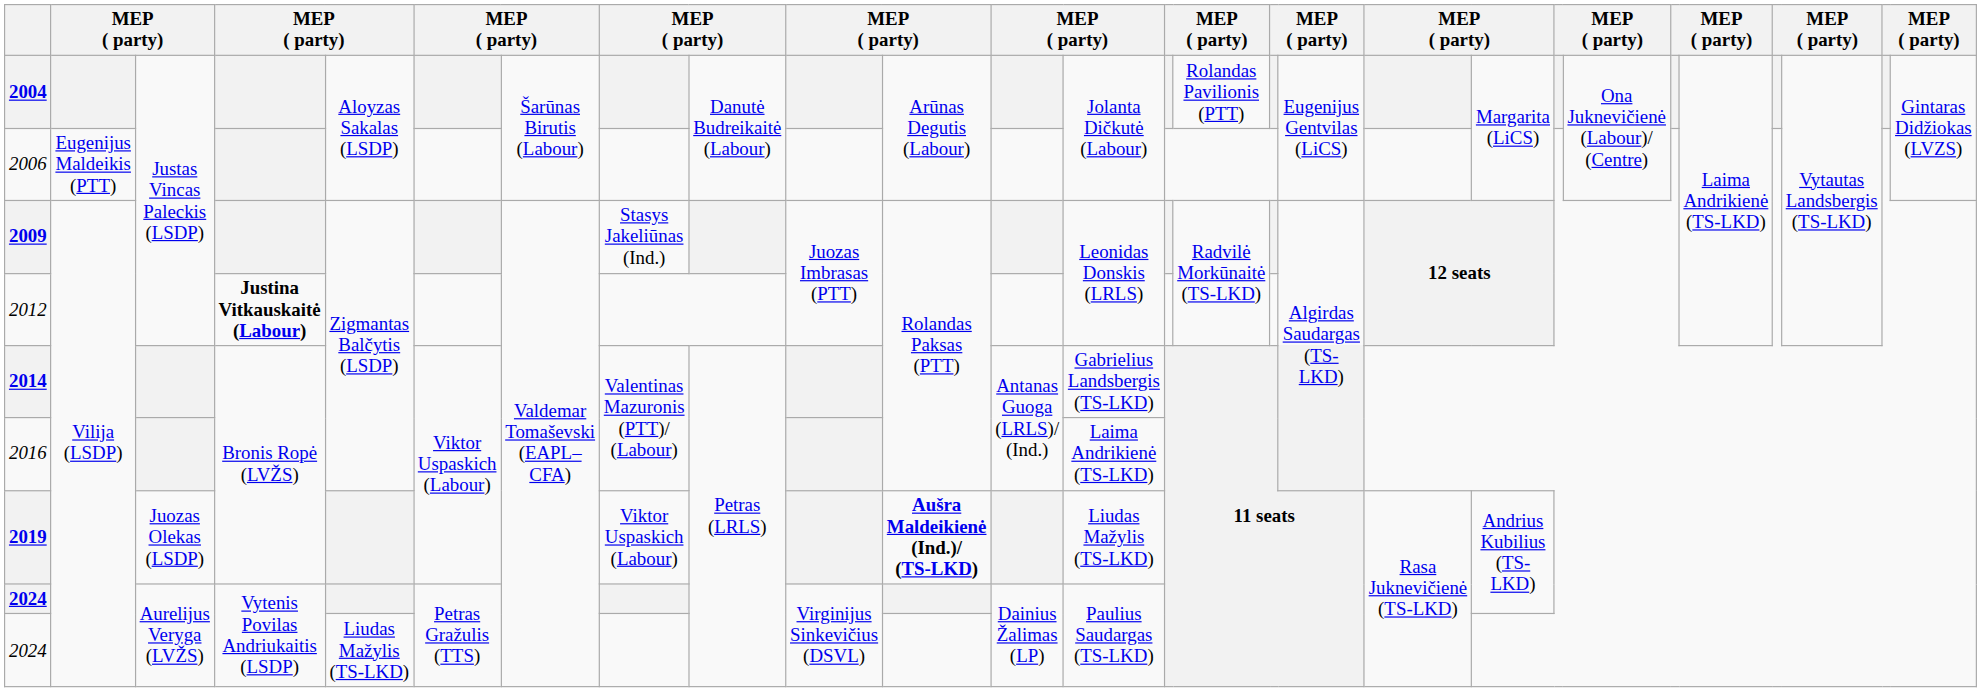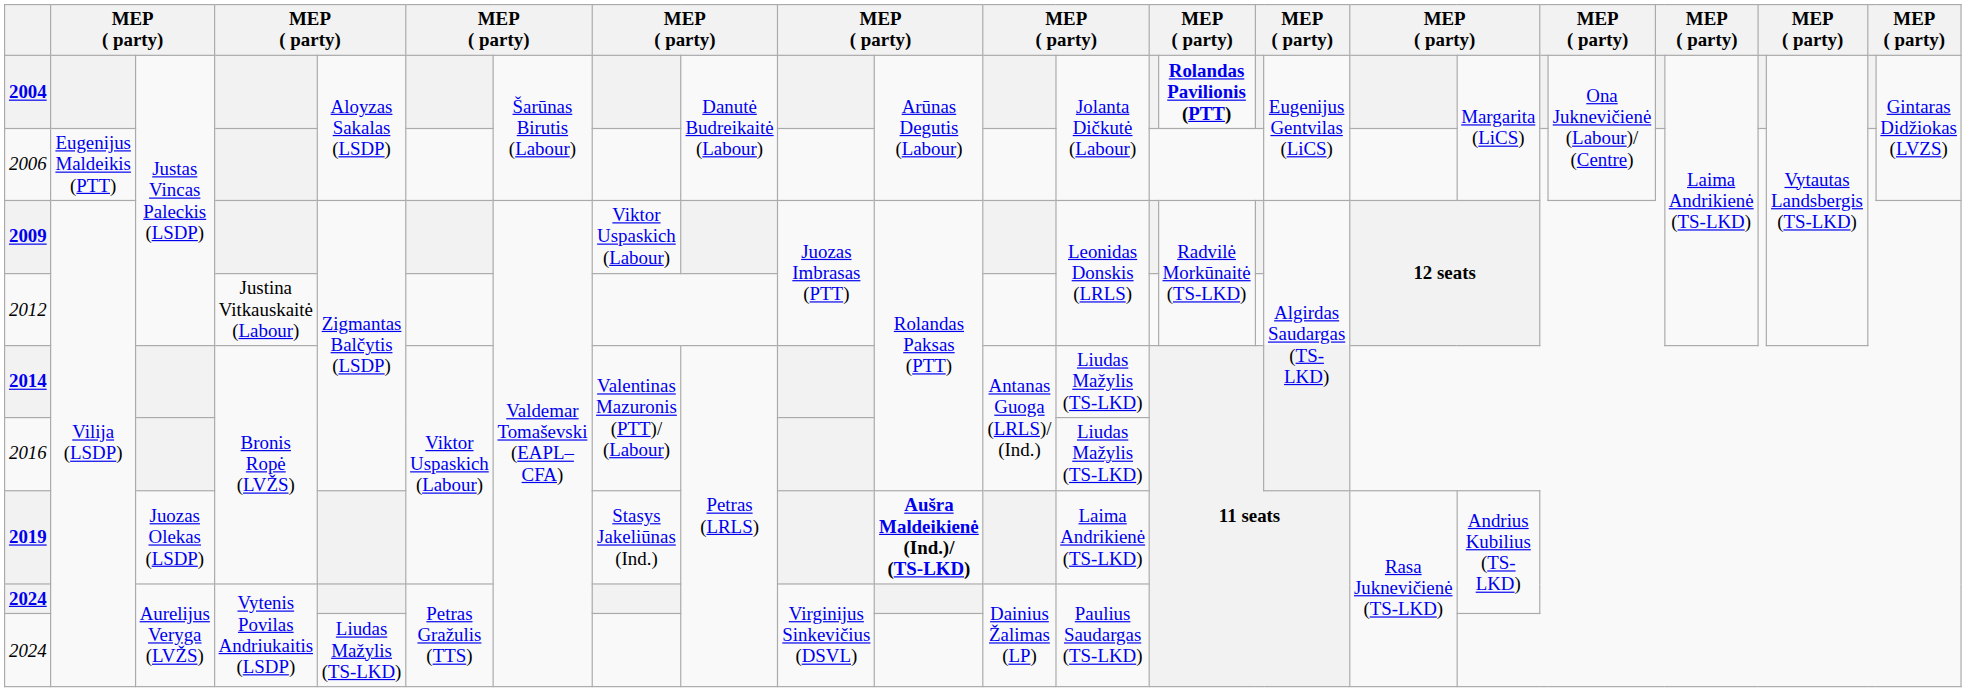 <table class="wikitable" style="text-align:center">
 <tr>
 <th></th>
 <th colspan=2>MEP<br>( party)</th>
 <th colspan=2>MEP<br>( party)</th>
 <th colspan=2>MEP<br>( party)</th>
 <th colspan=2>MEP<br>( party)</th>
 <th colspan=2>MEP<br>( party)</th>
 <th colspan=2>MEP<br>( party)</th>
 <th colspan="2">MEP<br>( party)</th>
 <th colspan="2">MEP<br>( party)</th>
 <th colspan="2">MEP<br>( party)</th>
 <th colspan="2">MEP<br>( party)</th>
 <th colspan=2>MEP<br>( party)</th>
 <th colspan=2>MEP<br>( party)</th>
 <th colspan=2>MEP<br>( party)</th>
 </tr>
 <tr>
 <th><a href='#'>2004</a></th>
 <th style="background-color: "></th>
 <td rowspan=4><a href='#'>Justas Vincas Paleckis</a><br>(<a href='#'>LSDP</a>)</td>
 <th style="background-color: "></th>
 <td rowspan="2"><a href='#'>Aloyzas Sakalas</a><br>(<a href='#'>LSDP</a>)</td>
 <th style="background-color: "></th>
 <td rowspan="2"><a href='#'>Šarūnas Birutis</a><br>(<a href='#'>Labour</a>)</td>
 <th style="background-color: "></th>
 <td rowspan="2"><a href='#'>Danutė Budreikaitė</a><br>(<a href='#'>Labour</a>)</td>
 <th style="background-color: "></th>
 <td rowspan="2"><a href='#'>Arūnas Degutis</a><br>(<a href='#'>Labour</a>)</td>
 <th style="background-color: "></th>
 <td rowspan="2"><a href='#'>Jolanta Dičkutė</a><br>(<a href='#'>Labour</a>)</td>
 <th style="background-color: "></th>
-<td rowspan="1"><a href='#'>Rolandas Pavilionis</a><br>(<a href='#'>PTT</a>)</td>
+<td rowspan="1"><strong><a href='#'>Rolandas Pavilionis</a><br>(<a href='#'>PTT</a>)</strong></td>
 <th style="background-color: "></th>
 <td rowspan="2"><a href='#'>Eugenijus Gentvilas</a><br>(<a href='#'>LiCS</a>)</td>
 <th style="background-color: "></th>
 <td rowspan="2"><a href='#'>Margarita </a><br>(<a href='#'>LiCS</a>)</td>
 <th style="background-color: "></th>
 <td rowspan="2"><a href='#'>Ona Juknevičienė</a><br>(<a href='#'>Labour</a>)/<br>(<a href='#'>Centre</a>)</td>
 <th style="background-color: "></th>
 <td rowspan=4><a href='#'>Laima Andrikienė</a><br>(<a href='#'>TS-LKD</a>)</td>
 <th style="background-color: "></th>
 <td rowspan=4><a href='#'>Vytautas Landsbergis</a><br>(<a href='#'>TS-LKD</a>)</td>
 <th style="background-color: "></th>
 <td rowspan=2><a href='#'>Gintaras Didžiokas</a><br>(<a href='#'>LVZS</a>)</td>
 </tr>
 <tr>
 <td><em>2006</em></td>
 <td><a href='#'>Eugenijus Maldeikis</a><br>(<a href='#'>PTT</a>)</td>
 <th style="background-color: "></th>
 </tr>
 <tr>
 <th><a href='#'>2009</a></th>
 <td rowspan="7"><a href='#'>Vilija </a><br>(<a href='#'>LSDP</a>)</td>
 <th style="background-color: "></th>
 <td rowspan="4"><a href='#'>Zigmantas Balčytis</a><br>(<a href='#'>LSDP</a>)</td>
 <th style="background-color: "></th>
 <td rowspan="7"><a href='#'>Valdemar Tomaševski</a><br>(<a href='#'>EAPL–CFA</a>)</td>
-<td><a href='#'>Stasys Jakeliūnas</a><br>(Ind.)</td>
+<td rowspan="1"><a href='#'>Viktor Uspaskich</a><br>(<a href='#'>Labour</a>)</td>
 <th style="background-color: "></th>
 <td rowspan="2"><a href='#'>Juozas Imbrasas</a><br>(<a href='#'>PTT</a>)</td>
 <td rowspan="4"><a href='#'>Rolandas Paksas</a><br>(<a href='#'>PTT</a>)</td>
 <th style="background-color: "></th>
 <td rowspan="2"><a href='#'>Leonidas Donskis</a><br>(<a href='#'>LRLS</a>)</td>
 <th style="background-color: "></th>
 <td rowspan="2"><a href='#'>Radvilė Morkūnaitė</a><br>(<a href='#'>TS-LKD</a>)</td>
 <th style="background-color: "></th>
 <td rowspan=4><a href='#'>Algirdas Saudargas</a><br>(<a href='#'>TS-LKD</a>)</td>
 <th rowspan=2; colspan=2>12 seats</th>
 </tr>
 <tr>
 <td><em>2012</em></td>
-<td><strong>Justina Vitkauskaitė<br>(<a href='#'>Labour</a>)</strong></td>
+<td>Justina Vitkauskaitė<br>(<a href='#'>Labour</a>)</td>
 </tr>
 <tr>
 <th><a href='#'>2014</a></th>
 <th style="background-color: "></th>
 <td rowspan=3><a href='#'>Bronis Ropė</a><br>(<a href='#'>LVŽS</a>)</td>
 <td rowspan="3"><a href='#'>Viktor Uspaskich</a><br>(<a href='#'>Labour</a>)</td>
 <td rowspan="2"><a href='#'>Valentinas Mazuronis</a><br>(<a href='#'>PTT</a>)/<br>(<a href='#'>Labour</a>)</td>
 <td rowspan="5"><a href='#'>Petras </a><br>(<a href='#'>LRLS</a>)</td>
 <th style="background-color: "></th>
 <td rowspan="2"><a href='#'>Antanas Guoga</a><br>(<a href='#'>LRLS</a>)/<br>(Ind.)</td>
-<td rowspan="1"><a href='#'>Gabrielius Landsbergis</a> <br>(<a href='#'>TS-LKD</a>)</td>
+<td><a href='#'>Liudas Mažylis</a><br>(<a href='#'>TS-LKD</a>)</td>
 <th rowspan=5; colspan=4>11 seats</th>
 </tr>
 <tr>
 <td><em>2016</em></td>
 <th style="background-color: "></th>
 <th style="background-color: "></th>
-<td><a href='#'>Laima Andrikienė</a><br>(<a href='#'>TS-LKD</a>)</td>
+<td><a href='#'>Liudas Mažylis</a><br>(<a href='#'>TS-LKD</a>)</td>
 </tr>
 <tr>
 <th><a href='#'>2019</a></th>
 <td><a href='#'>Juozas Olekas</a><br>(<a href='#'>LSDP</a>)</td>
 <th style="background-color: "></th>
-<td rowspan="1"><a href='#'>Viktor Uspaskich</a><br>(<a href='#'>Labour</a>)</td>
+<td><a href='#'>Stasys Jakeliūnas</a><br>(Ind.)</td>
 <th style="background-color: "></th>
 <td><strong><a href='#'>Aušra Maldeikienė</a><br>(Ind.)/<br>(<a href='#'>TS-LKD</a>)</strong></td>
 <th style="background-color: "></th>
-<td><a href='#'>Liudas Mažylis</a><br>(<a href='#'>TS-LKD</a>)</td>
+<td><a href='#'>Laima Andrikienė</a><br>(<a href='#'>TS-LKD</a>)</td>
 <td rowspan="3"><a href='#'>Rasa Juknevičienė</a><br>(<a href='#'>TS-LKD</a>)</td>
 <td rowspan="2"><a href='#'>Andrius Kubilius</a><br>(<a href='#'>TS-LKD</a>)</td>
 </tr>
 <tr>
 <th><a href='#'>2024</a></th>
 <td rowspan="2"><a href='#'>Aurelijus Veryga</a><br>(<a href='#'>LVŽS</a>)</td>
 <td rowspan="2"><a href='#'>Vytenis Povilas Andriukaitis</a><br>(<a href='#'>LSDP</a>)</td>
 <th style="background-color: "></th>
 <td rowspan="2"><a href='#'>Petras Gražulis</a><br>(<a href='#'>TTS</a>)</td>
 <th style="background-color: "></th>
 <td rowspan="2"><a href='#'>Virginijus Sinkevičius</a><br>(<a href='#'>DSVL</a>)</td>
 <th style="background-color: "></th>
 <td rowspan="2"><a href='#'>Dainius Žalimas</a><br>(<a href='#'>LP</a>)</td>
 <td rowspan="2"><a href='#'>Paulius Saudargas</a><br>(<a href='#'>TS-LKD</a>)</td>
 </tr>
 <tr>
 <td><em>2024</em></td>
 <td><a href='#'>Liudas Mažylis</a><br>(<a href='#'>TS-LKD</a>)</td>
 </tr>
 </table>
